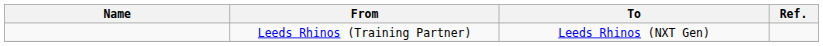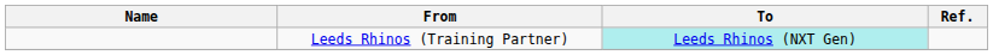 <table class="wikitable sortable alternance" style="text-align:center">
 <tr>
 <th style="width:250px;">Name</th>
 <th style="width:300px;">From</th>
 <th style="width:300px;">To</th>
 <th style="width:50px;">Ref.</th>
 </tr>
 <tr>
 <td> </td>
 <td> <a href='#'>Leeds Rhinos</a> (Training Partner)</td>
-<td> <a href='#'>Leeds Rhinos</a> (NXT Gen)</td>
+<td style="background: paleturquoise;"> <a href='#'>Leeds Rhinos</a> (NXT Gen)</td>
 <td></td>
 </tr>
 <tr>
 </tr>
 </table>
